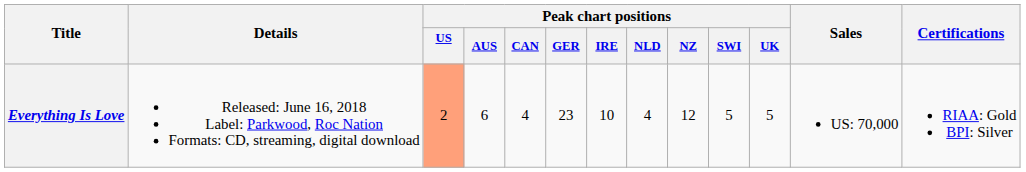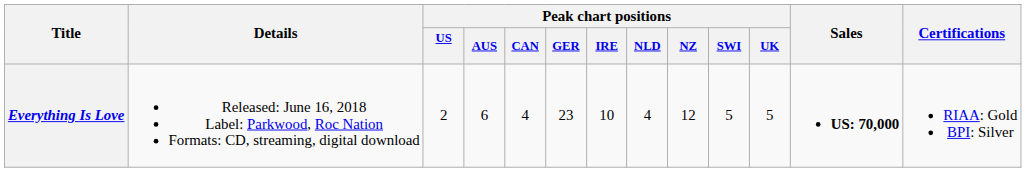 <table class="wikitable plainrowheaders" style="text-align:center;">
 <tr>
 <th scope="col" rowspan="2">Title</th>
 <th scope="col" rowspan="2">Details</th>
 <th scope="col" colspan="9">Peak chart positions</th>
 <th scope="col" rowspan="2">Sales</th>
 <th scope="col" rowspan="2"><a href='#'>Certifications</a></th>
 </tr>
 <tr>
 <th scope="col" style="width:2.75em;font-size:85%;"><a href='#'>US</a><br><br></th>
 <th scope="col" style="width:2.75em;font-size:85%;"><a href='#'>AUS</a><br></th>
 <th scope="col" style="width:2.75em;font-size:85%;"><a href='#'>CAN</a><br></th>
 <th scope="col" style="width:2.75em;font-size:85%;"><a href='#'>GER</a><br></th>
 <th scope="col" style="width:2.75em;font-size:85%;"><a href='#'>IRE</a><br></th>
 <th scope="col" style="width:2.75em;font-size:85%;"><a href='#'>NLD</a><br></th>
 <th scope="col" style="width:2.75em;font-size:85%;"><a href='#'>NZ</a><br></th>
 <th scope="col" style="width:2.75em;font-size:85%;"><a href='#'>SWI</a><br></th>
 <th scope="col" style="width:2.75em;font-size:85%;"><a href='#'>UK</a><br></th>
 </tr>
 <tr>
 <th scope="row"><em><a href='#'>Everything Is Love</a></em></th>
 <td><br><ul><li>Released: June 16, 2018</li><li>Label: <a href='#'>Parkwood</a>, <a href='#'>Roc Nation</a></li><li>Formats: CD, streaming, digital download</li></ul></td>
-<td style="background: lightsalmon;">2</td>
+<td>2</td>
 <td>6</td>
 <td>4</td>
 <td>23</td>
 <td>10</td>
 <td>4</td>
 <td>12</td>
 <td>5</td>
 <td>5</td>
-<td><br><ul><li>US: 70,000</li></ul></td>
+<td><strong><br><ul><li>US: 70,000</li></ul></strong></td>
 <td><br><ul><li><a href='#'>RIAA</a>: Gold</li><li><a href='#'>BPI</a>: Silver</li></ul></td>
 </tr>
 </table>
